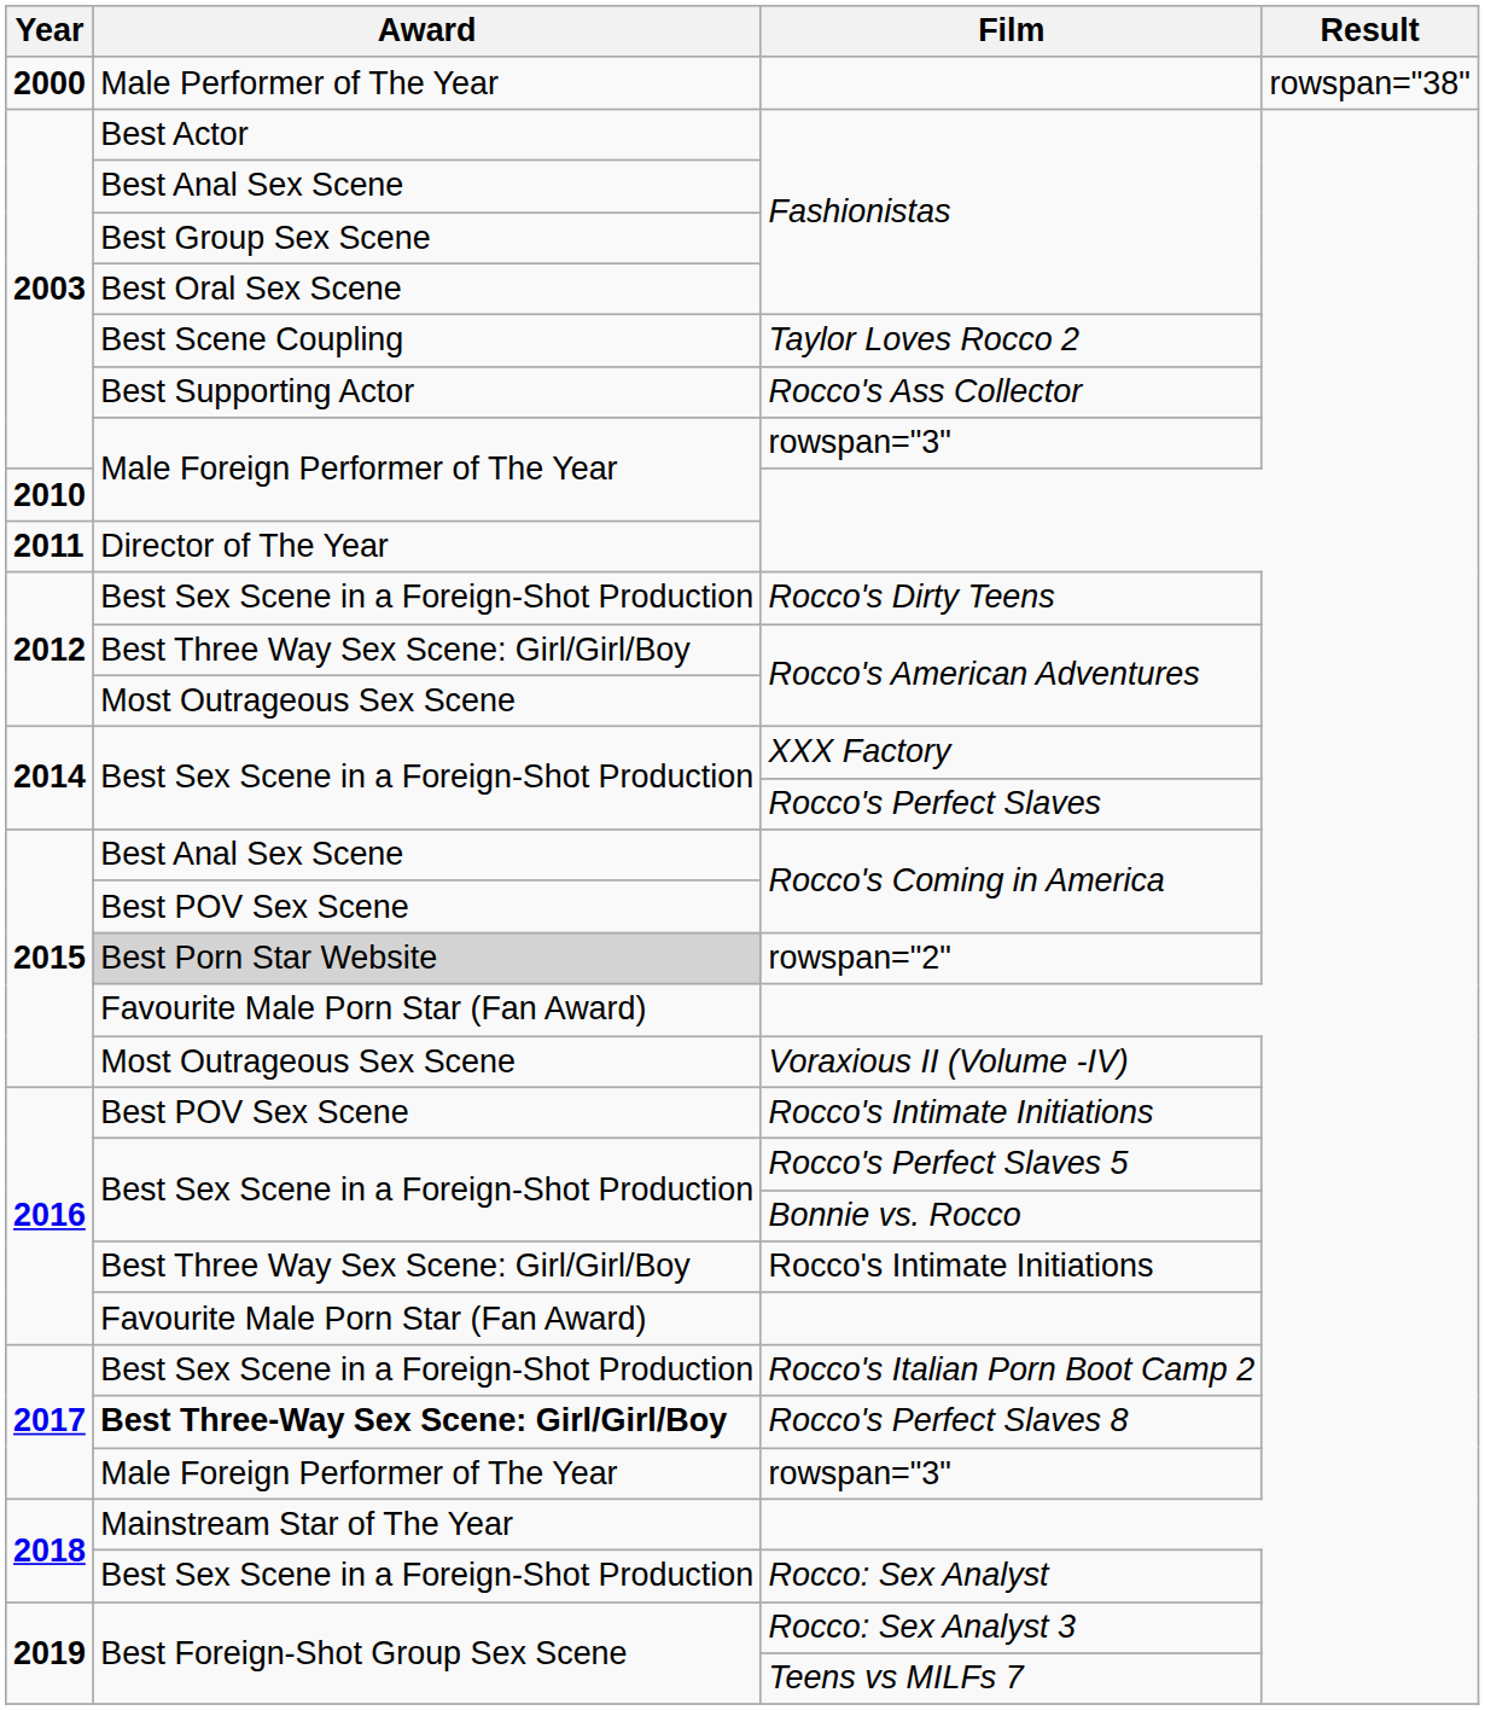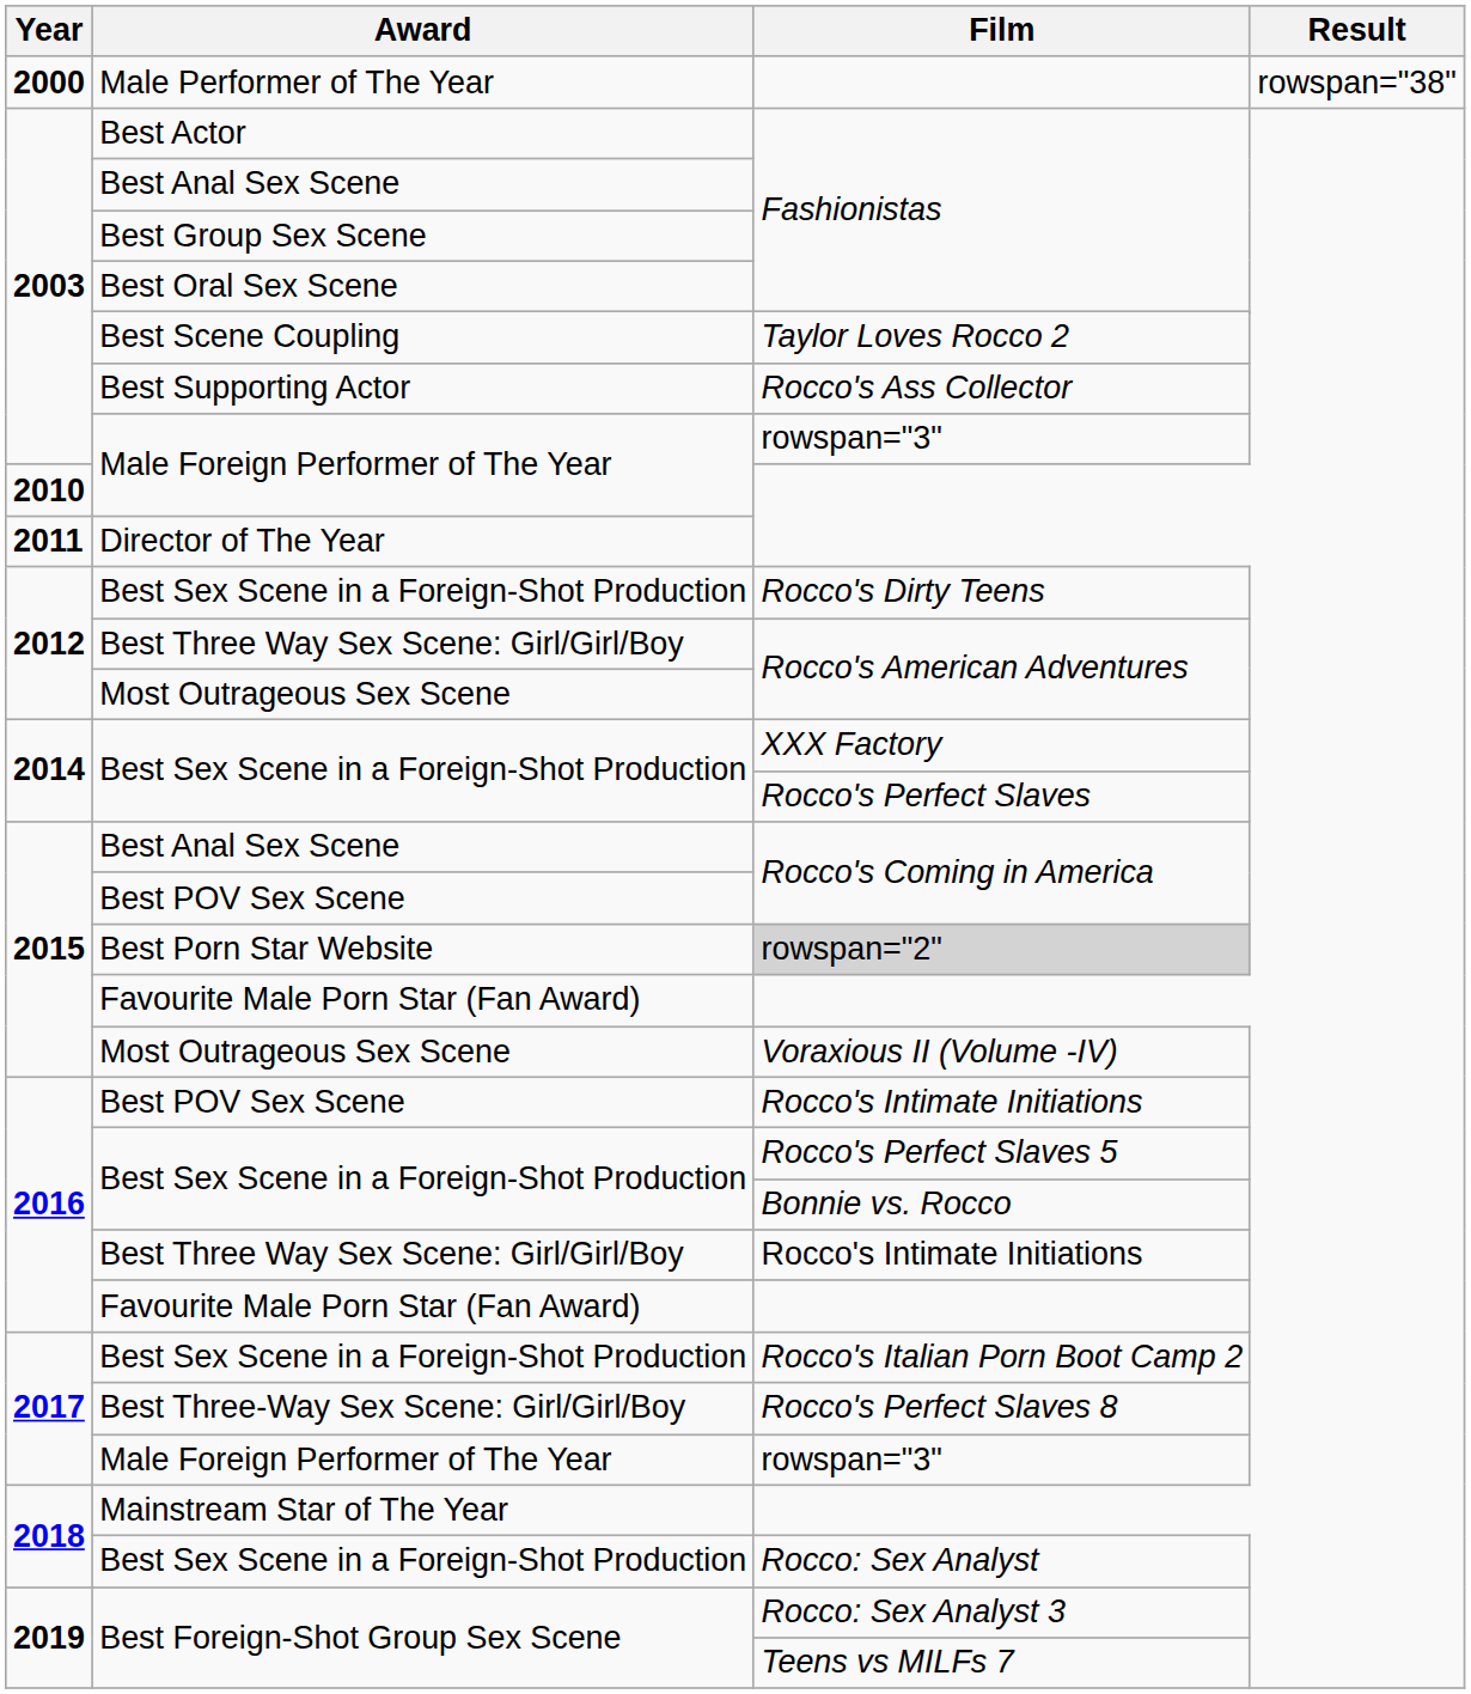 <table Class="wikitable">
 <tr>
 <th>Year</th>
 <th>Award</th>
 <th>Film</th>
 <th>Result</th>
 </tr>
 <tr>
 <td><strong>2000</strong></td>
 <td>Male Performer of The Year</td>
 <td></td>
 <td>rowspan="38" </td>
 </tr>
 <tr>
 <td rowspan="8"><strong>2003</strong></td>
 <td>Best Actor</td>
 <td rowspan="5"><em>Fashionistas</em></td>
 </tr>
 <tr>
 <td>Best Anal Sex Scene</td>
 </tr>
 <tr>
 <td>Best Group Sex Scene</td>
 </tr>
 <tr>
 <td>Best Oral Sex Scene</td>
 </tr>
 <tr>
 <td rowspan="2">Best Scene Coupling</td>
 </tr>
 <tr>
 <td><em>Taylor Loves Rocco 2</em></td>
 </tr>
 <tr>
 <td>Best Supporting Actor</td>
 <td><em>Rocco's Ass Collector</em></td>
 </tr>
 <tr>
 <td rowspan="2">Male Foreign Performer of The Year</td>
 <td>rowspan="3" </td>
 </tr>
 <tr>
 <td><strong>2010</strong></td>
 </tr>
 <tr>
 <td><strong>2011</strong></td>
 <td>Director of The Year</td>
 </tr>
 <tr>
 <td rowspan="3"><strong>2012</strong></td>
 <td>Best Sex Scene in a Foreign-Shot Production</td>
 <td><em>Rocco's Dirty Teens</em></td>
 </tr>
 <tr>
 <td>Best Three Way Sex Scene: Girl/Girl/Boy</td>
 <td rowspan="2"><em>Rocco's American Adventures</em></td>
 </tr>
 <tr>
 <td>Most Outrageous Sex Scene</td>
 </tr>
 <tr>
 <td rowspan="2"><strong>2014</strong></td>
 <td rowspan="2">Best Sex Scene in a Foreign-Shot Production</td>
 <td><em>XXX Factory</em></td>
 </tr>
 <tr>
 <td><em>Rocco's Perfect Slaves</em></td>
 </tr>
 <tr>
 <td rowspan="5"><strong>2015</strong></td>
 <td>Best Anal Sex Scene</td>
 <td rowspan="2"><em>Rocco's Coming in America</em></td>
 </tr>
 <tr>
 <td>Best POV Sex Scene</td>
 </tr>
 <tr>
-<td style="background: lightgrey;">Best Porn Star Website</td>
-<td>rowspan="2" </td>
+<td>Best Porn Star Website</td>
+<td style="background: lightgrey;">rowspan="2" </td>
 </tr>
 <tr>
 <td>Favourite Male Porn Star (Fan Award)</td>
 </tr>
 <tr>
 <td>Most Outrageous Sex Scene</td>
 <td><em>Voraxious II (Volume -IV)</em></td>
 </tr>
 <tr>
 <td rowspan="5"><strong><a href='#'>2016</a></strong></td>
 <td>Best POV Sex Scene</td>
 <td><em>Rocco's Intimate Initiations</em></td>
 </tr>
 <tr>
 <td rowspan="2">Best Sex Scene in a Foreign-Shot Production</td>
 <td><em>Rocco's Perfect Slaves 5</em></td>
 </tr>
 <tr>
 <td><em>Bonnie vs. Rocco</em></td>
 </tr>
 <tr>
 <td>Best Three Way Sex Scene: Girl/Girl/Boy</td>
 <td>Rocco's Intimate Initiations</td>
 </tr>
 <tr>
 <td>Favourite Male Porn Star (Fan Award)</td>
 <td></td>
 </tr>
 <tr>
 <td rowspan="3"><strong><a href='#'>2017</a></strong></td>
 <td>Best Sex Scene in a Foreign-Shot Production</td>
 <td><em>Rocco's Italian Porn Boot Camp 2</em></td>
 </tr>
 <tr>
-<td><strong>Best Three-Way Sex Scene: Girl/Girl/Boy</strong></td>
+<td>Best Three-Way Sex Scene: Girl/Girl/Boy</td>
 <td><em>Rocco's Perfect Slaves 8</em></td>
 </tr>
 <tr>
 <td rowspan="2">Male Foreign Performer of The Year</td>
 <td>rowspan="3" </td>
 </tr>
 <tr>
 <td rowspan="3"><strong><a href='#'>2018</a></strong></td>
 </tr>
 <tr>
 <td>Mainstream Star of The Year</td>
 </tr>
 <tr>
 <td>Best Sex Scene in a Foreign-Shot Production</td>
 <td><em>Rocco: Sex Analyst</em></td>
 </tr>
 <tr>
 <td rowspan="2"><strong>2019</strong></td>
 <td rowspan="2">Best Foreign-Shot Group Sex Scene</td>
 <td><em>Rocco: Sex Analyst 3</em></td>
 </tr>
 <tr>
 <td><em>Teens vs MILFs 7</em></td>
 </tr>
 </table>
